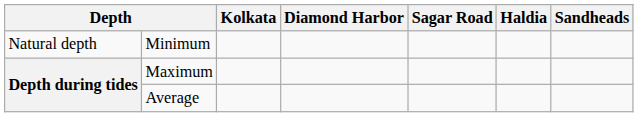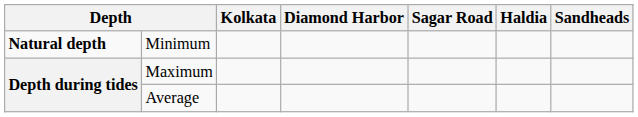 <table class="wikitable sortable" style="font-size: 85%">
 <tr>
 <th colspan="2">Depth</th>
 <th>Kolkata</th>
 <th>Diamond Harbor</th>
 <th>Sagar Road</th>
 <th>Haldia</th>
 <th>Sandheads</th>
 </tr>
 <tr>
-<td>Natural depth</td>
+<td><strong>Natural depth</strong></td>
 <td>Minimum</td>
 <td></td>
 <td></td>
 <td></td>
 <td></td>
 <td></td>
 </tr>
 <tr>
 <th rowspan="2">Depth during tides</th>
 <td>Maximum</td>
 <td></td>
 <td></td>
 <td></td>
 <td></td>
 <td></td>
 </tr>
 <tr>
 <td>Average</td>
 <td></td>
 <td></td>
 <td></td>
 <td></td>
 <td></td>
 </tr>
 </table>
